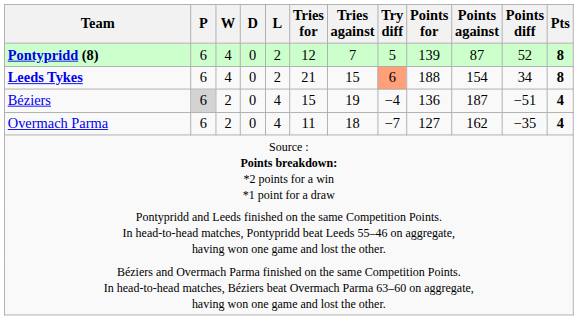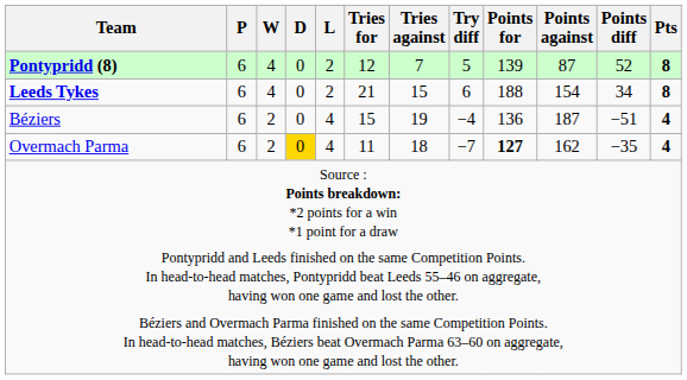 <table class="wikitable" style="text-align: center;">
 <tr>
 <th width="200">Team</th>
 <th width="20">P</th>
 <th width="20">W</th>
 <th width="20">D</th>
 <th width="20">L</th>
 <th width="20">Tries for</th>
 <th width="20">Tries against</th>
 <th width="20">Try diff</th>
 <th width="20">Points for</th>
 <th width="20">Points against</th>
 <th width="25">Points diff</th>
 <th width="20">Pts</th>
 </tr>
 <tr bgcolor="#ccffcc">
 <td align="left"> <strong><a href='#'>Pontypridd</a> (8)</strong></td>
 <td>6</td>
 <td>4</td>
 <td>0</td>
 <td>2</td>
 <td>12</td>
 <td>7</td>
 <td>5</td>
 <td>139</td>
 <td>87</td>
 <td>52</td>
 <td><strong>8</strong></td>
 </tr>
 <tr>
 <td align="left"> <strong><a href='#'>Leeds Tykes</a></strong></td>
 <td>6</td>
 <td>4</td>
 <td>0</td>
 <td>2</td>
 <td>21</td>
 <td>15</td>
-<td style="background: lightsalmon;">6</td>
+<td>6</td>
 <td>188</td>
 <td>154</td>
 <td>34</td>
 <td><strong>8</strong></td>
 </tr>
 <tr>
 <td align="left"> <a href='#'>Béziers</a></td>
-<td style="background: lightgrey;">6</td>
+<td>6</td>
 <td>2</td>
 <td>0</td>
 <td>4</td>
 <td>15</td>
 <td>19</td>
 <td>−4</td>
 <td>136</td>
 <td>187</td>
 <td>−51</td>
 <td><strong>4</strong></td>
 </tr>
 <tr>
 <td align="left"> <a href='#'>Overmach Parma</a></td>
 <td>6</td>
 <td>2</td>
-<td>0</td>
+<td style="background: gold;">0</td>
 <td>4</td>
 <td>11</td>
 <td>18</td>
 <td>−7</td>
-<td>127</td>
+<td><strong>127</strong></td>
 <td>162</td>
 <td>−35</td>
 <td><strong>4</strong></td>
 </tr>
 <tr |align=left|>
 <td colspan="12" style="border:0px"><small>Source :  <br><strong>Points breakdown:</strong><br>*2 points for a win<br>*1 point for a draw</small></td>
 </tr>
 <tr |align=left|>
 <td colspan="12" style="border:0px"><small>Pontypridd and Leeds finished on the same Competition Points.<br>In head-to-head matches, Pontypridd beat Leeds 55–46 on aggregate,<br>having won one game and lost the other.</small></td>
 </tr>
 <tr |align=left|>
 <td colspan="12" style="border:0px"><small>Béziers and Overmach Parma finished on the same Competition Points.<br>In head-to-head matches, Béziers beat Overmach Parma 63–60 on aggregate,<br>having won one game and lost the other.</small></td>
 </tr>
 </table>
